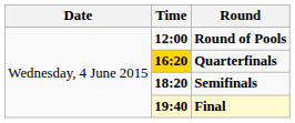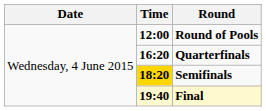 <table class="wikitable">
 <tr>
 <th>Date</th>
 <th>Time</th>
 <th>Round</th>
 </tr>
 <tr>
 <td rowspan="4">Wednesday, 4 June 2015</td>
 <td><strong>12:00</strong></td>
 <td><strong>Round of Pools</strong></td>
 </tr>
 <tr>
-<td style="background: gold;"><strong>16:20</strong></td>
+<td><strong>16:20</strong></td>
 <td><strong>Quarterfinals</strong></td>
 </tr>
 <tr>
-<td><strong>18:20</strong></td>
+<td style="background: gold;"><strong>18:20</strong></td>
 <td><strong>Semifinals</strong></td>
 </tr>
 <tr style="background:lemonchiffon;">
 <td><strong>19:40</strong></td>
 <td><strong>Final</strong></td>
 </tr>
 </table>
